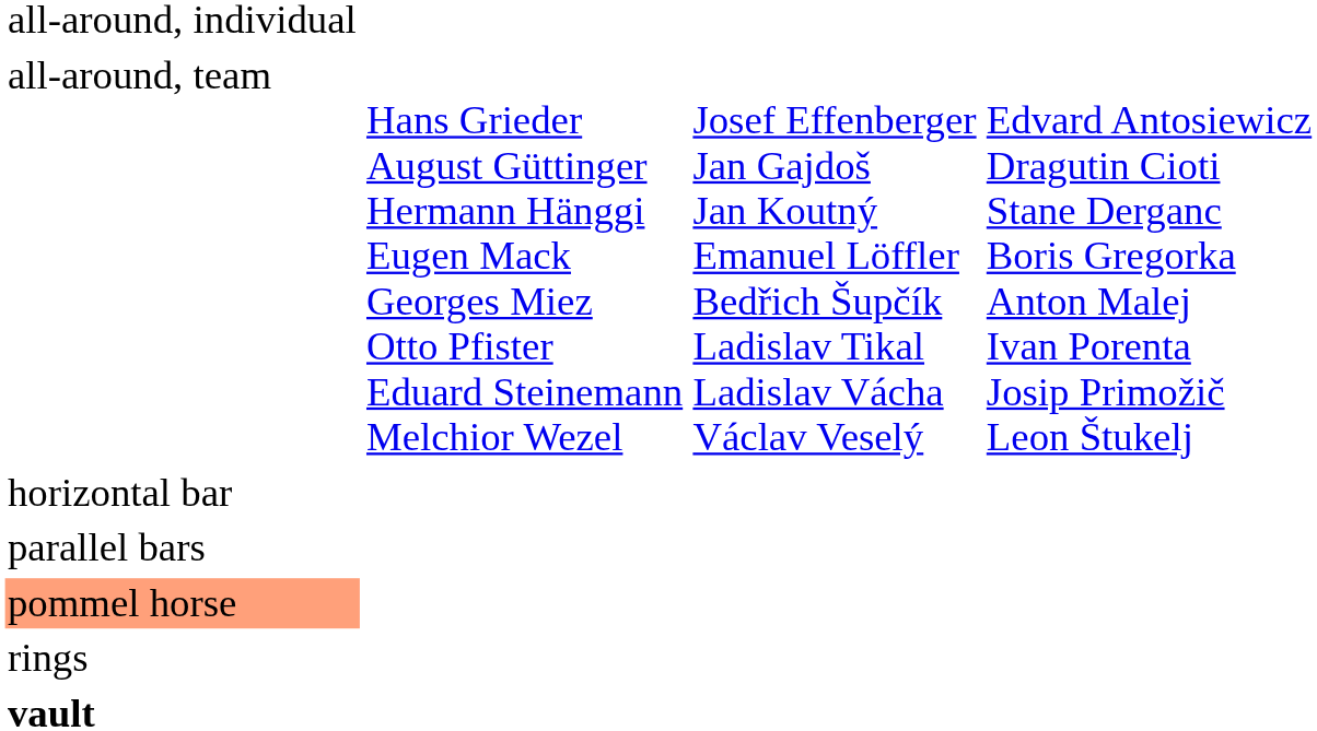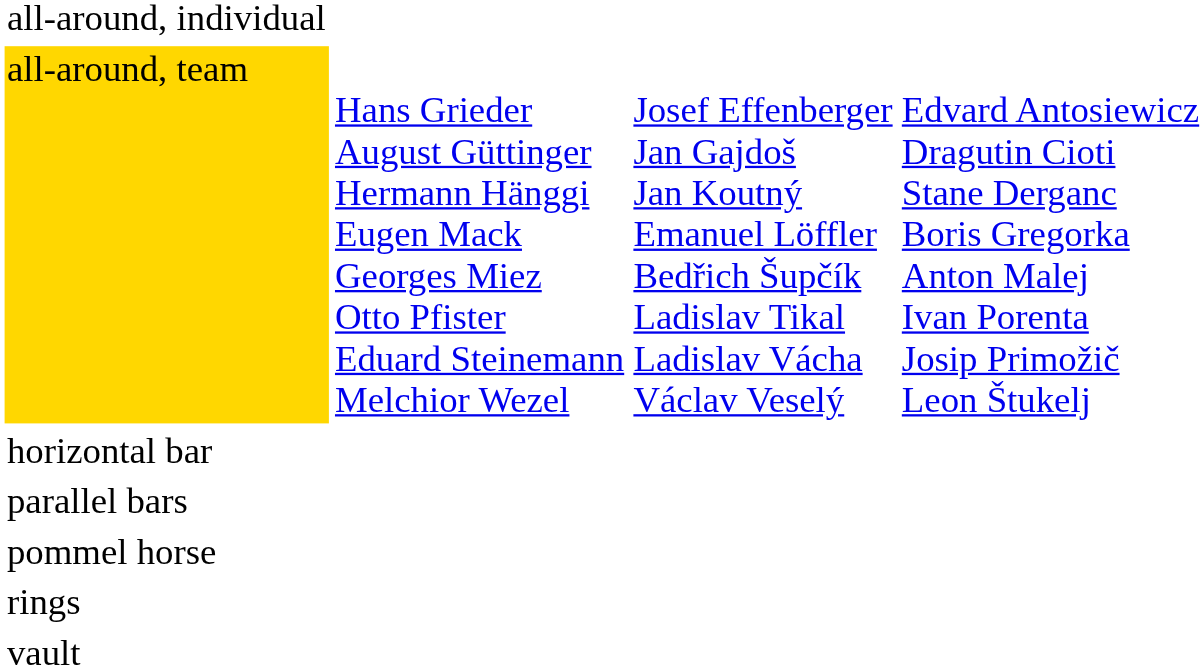 <table>
 <tr valign="top">
 <td>all-around, individual<br></td>
 <td></td>
 <td></td>
 <td></td>
 </tr>
 <tr valign="top">
-<td>all-around, team<br></td>
+<td style="background: gold;">all-around, team<br></td>
 <td><br><a href='#'>Hans Grieder</a><br><a href='#'>August Güttinger</a><br><a href='#'>Hermann Hänggi</a><br><a href='#'>Eugen Mack</a><br><a href='#'>Georges Miez</a><br><a href='#'>Otto Pfister</a><br><a href='#'>Eduard Steinemann</a><br><a href='#'>Melchior Wezel</a></td>
 <td><br><a href='#'>Josef Effenberger</a><br><a href='#'>Jan Gajdoš</a><br><a href='#'>Jan Koutný</a><br><a href='#'>Emanuel Löffler</a><br><a href='#'>Bedřich Šupčík</a><br><a href='#'>Ladislav Tikal</a><br><a href='#'>Ladislav Vácha</a><br><a href='#'>Václav Veselý</a></td>
 <td><br><a href='#'>Edvard Antosiewicz</a><br><a href='#'>Dragutin Cioti</a><br><a href='#'>Stane Derganc</a><br><a href='#'>Boris Gregorka</a><br><a href='#'>Anton Malej</a><br><a href='#'>Ivan Porenta</a><br><a href='#'>Josip Primožič</a><br><a href='#'>Leon Štukelj</a></td>
 </tr>
 <tr>
 <td>horizontal bar<br></td>
 <td></td>
 <td></td>
 <td></td>
 </tr>
 <tr>
 <td>parallel bars<br></td>
 <td></td>
 <td></td>
 <td></td>
 </tr>
 <tr>
-<td style="background: lightsalmon;">pommel horse<br></td>
+<td>pommel horse<br></td>
 <td></td>
 <td></td>
 <td></td>
 </tr>
 <tr>
 <td>rings<br></td>
 <td></td>
 <td></td>
 <td></td>
 </tr>
 <tr>
-<td><strong>vault<br></strong></td>
+<td>vault<br></td>
 <td></td>
 <td></td>
 <td></td>
 </tr>
 </table>
